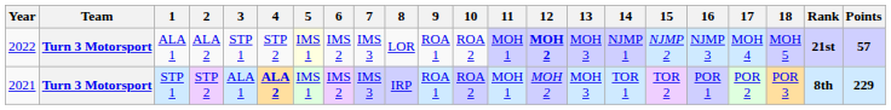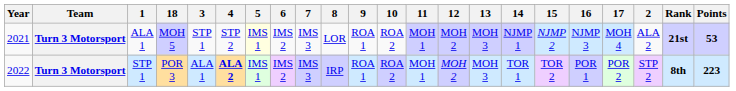 <table class="wikitable" style="text-align:center; font-size:90%">
 <tr>
 <th>Year</th>
 <th>Team</th>
 <th>1</th>
-<th>2</th>
+<th>18</th>
 <th>3</th>
 <th>4</th>
 <th>5</th>
 <th>6</th>
 <th>7</th>
 <th>8</th>
 <th>9</th>
 <th>10</th>
 <th>11</th>
 <th>12</th>
 <th>13</th>
 <th>14</th>
 <th>15</th>
 <th>16</th>
 <th>17</th>
-<th>18</th>
+<th>2</th>
 <th>Rank</th>
 <th>Points</th>
 </tr>
 <tr>
-<td><a href='#'>2022</a></td>
+<td><a href='#'>2021</a></td>
 <th><a href='#'>Turn 3 Motorsport</a></th>
 <td><a href='#'>ALA<br>1</a></td>
-<td><a href='#'>ALA<br>2</a></td>
+<td style="background:#CFCFFF;"><a href='#'>MOH<br>5</a><br></td>
 <td><a href='#'>STP<br>1</a></td>
 <td><a href='#'>STP<br>2</a></td>
 <td style="background: lightyellow;"><a href='#'>IMS<br>1</a></td>
 <td><a href='#'>IMS<br>2</a></td>
 <td><a href='#'>IMS<br>3</a></td>
 <td><a href='#'>LOR</a></td>
 <td><a href='#'>ROA<br>1</a></td>
 <td><a href='#'>ROA<br>2</a></td>
 <td style="background:#CFCFFF;"><a href='#'>MOH<br>1</a><br></td>
-<td style="background:#CFCFFF;"><strong><a href='#'>MOH<br>2</a><br></strong></td>
+<td style="background:#CFCFFF;"><a href='#'>MOH<br>2</a><br></td>
 <td style="background:#CFCFFF;"><a href='#'>MOH<br>3</a><br></td>
 <td style="background:#CFCFFF;"><a href='#'>NJMP<br>1</a><br></td>
 <td style="background:#CFEAFF;"><em><a href='#'>NJMP<br>2</a></em><br></td>
 <td style="background:#CFEAFF;"><a href='#'>NJMP<br>3</a><br></td>
 <td style="background:#CFEAFF;"><a href='#'>MOH<br>4</a><br></td>
-<td style="background:#CFCFFF;"><a href='#'>MOH<br>5</a><br></td>
+<td><a href='#'>ALA<br>2</a></td>
 <th style="background:#CFCFFF;">21st</th>
-<th style="background:#CFCFFF;">57</th>
+<th style="background:#CFCFFF;">53</th>
 </tr>
 <tr>
-<td><a href='#'>2021</a></td>
+<td><a href='#'>2022</a></td>
 <th><a href='#'>Turn 3 Motorsport</a></th>
 <td style="background:#CFEAFF;"><a href='#'>STP<br>1</a><br></td>
-<td style="background:#EFCFFF;"><a href='#'>STP<br>2</a><br></td>
+<td style="background:#FFDF9F;"><a href='#'>POR<br>3</a><br></td>
 <td style="background:#CFEAFF;"><a href='#'>ALA<br>1</a><br></td>
 <td style="background:#FFDF9F;"><strong><a href='#'>ALA<br>2</a></strong><br></td>
 <td style="background:#DFFFDF;"><a href='#'>IMS<br>1</a><br></td>
 <td style="background:#EFCFFF;"><a href='#'>IMS<br>2</a><br></td>
 <td style="background:#CFCFFF;"><a href='#'>IMS<br>3</a><br></td>
 <td style="background:#CFCFFF;"><a href='#'>IRP</a><br></td>
 <td style="background:#CFEAFF;"><a href='#'>ROA<br>1</a><br></td>
 <td style="background:#CFCFFF;"><a href='#'>ROA<br>2</a><br></td>
 <td style="background:#CFEAFF;"><a href='#'>MOH<br>1</a><br></td>
 <td style="background:#CFCFFF;"><em><a href='#'>MOH<br>2</a></em><br></td>
 <td style="background:#CFEAFF;"><a href='#'>MOH<br>3</a><br></td>
 <td style="background:#CFEAFF;"><a href='#'>TOR<br>1</a><br></td>
 <td style="background:#EFCFFF;"><a href='#'>TOR<br>2</a><br></td>
 <td style="background:#CFCFFF;"><a href='#'>POR<br>1</a><br></td>
 <td style="background:#DFFFDF;"><a href='#'>POR<br>2</a><br></td>
-<td style="background:#FFDF9F;"><a href='#'>POR<br>3</a><br></td>
+<td style="background:#EFCFFF;"><a href='#'>STP<br>2</a><br></td>
 <th style="background:#CFEAFF;">8th</th>
-<th style="background:#CFEAFF;">229</th>
+<th style="background:#CFEAFF;">223</th>
 </tr>
 </table>
